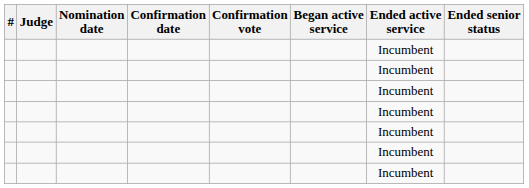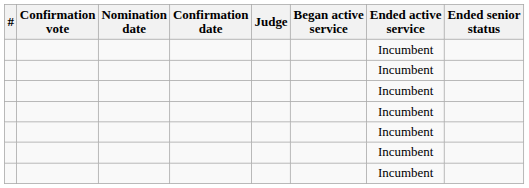 <table class="sortable wikitable">
 <tr bgcolor="#ececec">
 <th>#</th>
-<th>Judge</th>
+<th>Confirmation<br>vote</th>
 <th>Nomination<br>date</th>
 <th>Confirmation<br>date</th>
-<th>Confirmation<br>vote</th>
+<th>Judge</th>
 <th>Began active<br>service</th>
 <th>Ended active<br>service</th>
 <th>Ended senior<br>status</th>
 </tr>
 <tr>
 <td></td>
+<td align="center"></td>
 <td></td>
 <td></td>
 <td></td>
-<td align="center"></td>
 <td></td>
 <td align="center">Incumbent</td>
 <td align="center"></td>
 </tr>
 <tr>
 <td></td>
+<td align="center"></td>
 <td></td>
 <td></td>
 <td></td>
-<td align="center"></td>
 <td></td>
 <td align="center">Incumbent</td>
 <td align="center"></td>
 </tr>
 <tr>
 <td></td>
+<td align="center"></td>
 <td></td>
 <td></td>
 <td></td>
-<td align="center"></td>
 <td></td>
 <td align="center">Incumbent</td>
 <td align="center"></td>
 </tr>
 <tr>
 <td></td>
+<td align="center"></td>
 <td></td>
 <td></td>
 <td></td>
-<td align="center"></td>
 <td></td>
 <td align="center">Incumbent</td>
 <td align="center"></td>
 </tr>
 <tr>
 <td></td>
+<td align="center"></td>
 <td></td>
 <td></td>
 <td></td>
-<td align="center"></td>
 <td></td>
 <td align="center">Incumbent</td>
 <td align="center"></td>
 </tr>
 <tr>
 <td></td>
+<td align="center"></td>
 <td></td>
 <td></td>
 <td></td>
-<td align="center"></td>
 <td></td>
 <td align="center">Incumbent</td>
 <td align="center"></td>
 </tr>
 <tr>
 <td></td>
+<td align="center"></td>
 <td></td>
 <td></td>
 <td></td>
-<td align="center"></td>
 <td></td>
 <td align="center">Incumbent</td>
 <td align="center"></td>
 </tr>
 </table>
